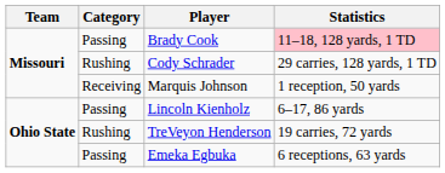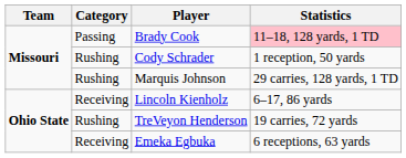 <table class="wikitable" style="float: right;">
 <tr>
 <th>Team</th>
 <th>Category</th>
 <th>Player</th>
 <th>Statistics</th>
 </tr>
 <tr>
 <td rowspan=3><strong>Missouri</strong></td>
 <td>Passing</td>
 <td><a href='#'>Brady Cook</a></td>
 <td style="background: pink;">11–18, 128 yards, 1 TD</td>
 </tr>
 <tr>
 <td>Rushing</td>
 <td><a href='#'>Cody Schrader</a></td>
+<td>1 reception, 50 yards</td>
+</tr>
+<tr>
+<td>Rushing</td>
+<td>Marquis Johnson</td>
 <td>29 carries, 128 yards, 1 TD</td>
 </tr>
 <tr>
+<td rowspan=3><strong>Ohio State</strong></td>
 <td>Receiving</td>
-<td>Marquis Johnson</td>
-<td>1 reception, 50 yards</td>
-</tr>
-<tr>
-<td rowspan=3><strong>Ohio State</strong></td>
-<td>Passing</td>
 <td><a href='#'>Lincoln Kienholz</a></td>
 <td>6–17, 86 yards</td>
 </tr>
 <tr>
 <td>Rushing</td>
 <td><a href='#'>TreVeyon Henderson</a></td>
 <td>19 carries, 72 yards</td>
 </tr>
 <tr>
-<td>Passing</td>
+<td>Receiving</td>
 <td><a href='#'>Emeka Egbuka</a></td>
 <td>6 receptions, 63 yards</td>
 </tr>
 </table>
